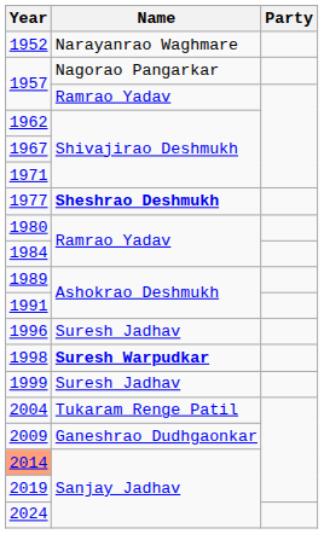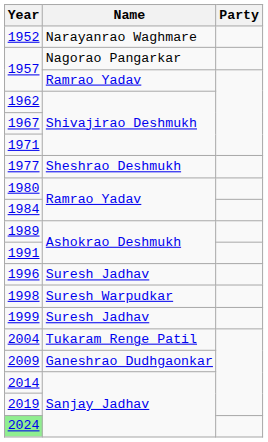 <table class="wikitable">
 <tr>
 <th>Year</th>
 <th>Name</th>
 <th colspan="2">Party</th>
 </tr>
 <tr>
 <td><a href='#'>1952</a></td>
 <td>Narayanrao Waghmare</td>
 <td></td>
 </tr>
 <tr>
 <td rowspan="2"><a href='#'>1957</a></td>
 <td>Nagorao Pangarkar</td>
 <td></td>
 </tr>
 <tr>
 <td><a href='#'>Ramrao Yadav</a></td>
 </tr>
 <tr>
 <td><a href='#'>1962</a></td>
 <td rowspan="3"><a href='#'>Shivajirao Deshmukh</a></td>
 </tr>
 <tr>
 <td><a href='#'>1967</a></td>
 </tr>
 <tr>
 <td><a href='#'>1971</a></td>
 </tr>
 <tr>
 <td><a href='#'>1977</a></td>
-<td><strong><a href='#'>Sheshrao Deshmukh</a></strong></td>
+<td><a href='#'>Sheshrao Deshmukh</a></td>
 <td></td>
 </tr>
 <tr>
 <td><a href='#'>1980</a></td>
 <td rowspan="2"><a href='#'>Ramrao Yadav</a></td>
 <td></td>
 </tr>
 <tr>
 <td><a href='#'>1984</a></td>
 </tr>
 <tr>
 <td><a href='#'>1989</a></td>
 <td rowspan="2"><a href='#'>Ashokrao Deshmukh</a></td>
 <td></td>
 </tr>
 <tr>
 <td><a href='#'>1991</a></td>
 <td></td>
 </tr>
 <tr>
 <td><a href='#'>1996</a></td>
 <td><a href='#'>Suresh Jadhav</a></td>
 </tr>
 <tr>
 <td><a href='#'>1998</a></td>
-<td><strong><a href='#'>Suresh Warpudkar</a></strong></td>
+<td><a href='#'>Suresh Warpudkar</a></td>
 <td></td>
 </tr>
 <tr>
 <td><a href='#'>1999</a></td>
 <td><a href='#'>Suresh Jadhav</a></td>
 <td></td>
 </tr>
 <tr>
 <td><a href='#'>2004</a></td>
 <td><a href='#'>Tukaram Renge Patil</a></td>
 </tr>
 <tr>
 <td><a href='#'>2009</a></td>
 <td><a href='#'>Ganeshrao Dudhgaonkar</a></td>
 </tr>
 <tr>
-<td style="background: lightsalmon;"><a href='#'>2014</a></td>
+<td><a href='#'>2014</a></td>
 <td rowspan="3"><a href='#'>Sanjay Jadhav</a></td>
 </tr>
 <tr>
 <td><a href='#'>2019</a></td>
 </tr>
 <tr>
-<td><a href='#'>2024</a></td>
+<td style="background: lightgreen;"><a href='#'>2024</a></td>
 <td></td>
 </tr>
 </table>
